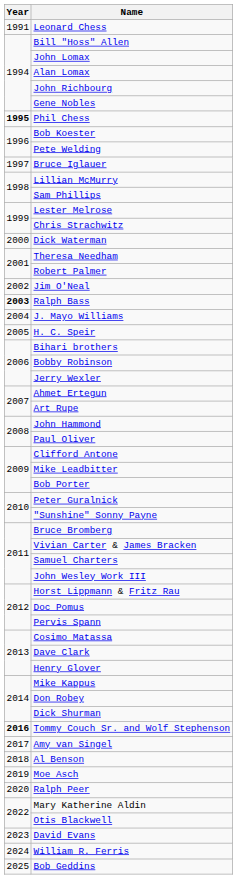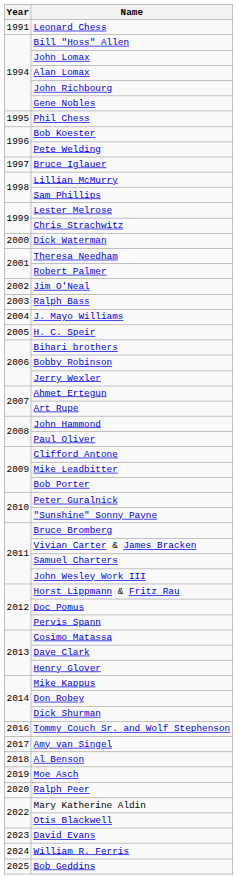 <table class="wikitable sortable plainrowheaders">
 <tr>
 <th scope="col">Year</th>
 <th scope="col">Name</th>
 </tr>
 <tr>
 <td>1991</td>
 <td><a href='#'>Leonard Chess</a></td>
 </tr>
 <tr>
 <td rowspan="5">1994</td>
 <td><a href='#'>Bill "Hoss" Allen</a></td>
 </tr>
 <tr>
 <td><a href='#'>John Lomax</a></td>
 </tr>
 <tr>
 <td><a href='#'>Alan Lomax</a></td>
 </tr>
 <tr>
 <td><a href='#'>John Richbourg</a></td>
 </tr>
 <tr>
 <td><a href='#'>Gene Nobles</a></td>
 </tr>
 <tr>
-<td><strong>1995</strong></td>
+<td>1995</td>
 <td><a href='#'>Phil Chess</a></td>
 </tr>
 <tr>
 <td rowspan="2">1996</td>
 <td><a href='#'>Bob Koester</a></td>
 </tr>
 <tr>
 <td><a href='#'>Pete Welding</a></td>
 </tr>
 <tr>
 <td>1997</td>
 <td><a href='#'>Bruce Iglauer</a></td>
 </tr>
 <tr>
 <td rowspan="2">1998</td>
 <td><a href='#'>Lillian McMurry</a></td>
 </tr>
 <tr>
 <td><a href='#'>Sam Phillips</a></td>
 </tr>
 <tr>
 <td rowspan="2">1999</td>
 <td><a href='#'>Lester Melrose</a></td>
 </tr>
 <tr>
 <td><a href='#'>Chris Strachwitz</a></td>
 </tr>
 <tr>
 <td>2000</td>
 <td><a href='#'>Dick Waterman</a></td>
 </tr>
 <tr>
 <td rowspan="2">2001</td>
 <td><a href='#'>Theresa Needham</a></td>
 </tr>
 <tr>
 <td><a href='#'>Robert Palmer</a></td>
 </tr>
 <tr>
 <td>2002</td>
 <td><a href='#'>Jim O'Neal</a></td>
 </tr>
 <tr>
-<td><strong>2003</strong></td>
+<td>2003</td>
 <td><a href='#'>Ralph Bass</a></td>
 </tr>
 <tr>
 <td>2004</td>
 <td><a href='#'>J. Mayo Williams</a></td>
 </tr>
 <tr>
 <td>2005</td>
 <td><a href='#'>H. C. Speir</a></td>
 </tr>
 <tr>
 <td rowspan="3">2006</td>
 <td><a href='#'>Bihari brothers</a></td>
 </tr>
 <tr>
 <td><a href='#'>Bobby Robinson</a></td>
 </tr>
 <tr>
 <td><a href='#'>Jerry Wexler</a></td>
 </tr>
 <tr>
 <td rowspan="2">2007</td>
 <td><a href='#'>Ahmet Ertegun</a></td>
 </tr>
 <tr>
 <td><a href='#'>Art Rupe</a></td>
 </tr>
 <tr>
 <td rowspan="2">2008</td>
 <td><a href='#'>John Hammond</a></td>
 </tr>
 <tr>
 <td><a href='#'>Paul Oliver</a></td>
 </tr>
 <tr>
 <td rowspan="3">2009</td>
 <td><a href='#'>Clifford Antone</a></td>
 </tr>
 <tr>
 <td><a href='#'>Mike Leadbitter</a></td>
 </tr>
 <tr>
 <td><a href='#'>Bob Porter</a></td>
 </tr>
 <tr>
 <td rowspan="2">2010</td>
 <td><a href='#'>Peter Guralnick</a></td>
 </tr>
 <tr>
 <td><a href='#'>"Sunshine" Sonny Payne</a></td>
 </tr>
 <tr>
 <td rowspan="4">2011</td>
 <td><a href='#'>Bruce Bromberg</a></td>
 </tr>
 <tr>
 <td><a href='#'>Vivian Carter</a> & <a href='#'>James Bracken</a></td>
 </tr>
 <tr>
 <td><a href='#'>Samuel Charters</a></td>
 </tr>
 <tr>
 <td><a href='#'>John Wesley Work III</a></td>
 </tr>
 <tr>
 <td rowspan="3">2012</td>
 <td><a href='#'>Horst Lippmann</a> & <a href='#'>Fritz Rau</a></td>
 </tr>
 <tr>
 <td><a href='#'>Doc Pomus</a></td>
 </tr>
 <tr>
 <td><a href='#'>Pervis Spann</a></td>
 </tr>
 <tr>
 <td rowspan="3">2013</td>
 <td><a href='#'>Cosimo Matassa</a></td>
 </tr>
 <tr>
 <td><a href='#'>Dave Clark</a></td>
 </tr>
 <tr>
 <td><a href='#'>Henry Glover</a></td>
 </tr>
 <tr>
 <td rowspan="3">2014</td>
 <td><a href='#'>Mike Kappus</a></td>
 </tr>
 <tr>
 <td><a href='#'>Don Robey</a></td>
 </tr>
 <tr>
 <td><a href='#'>Dick Shurman</a></td>
 </tr>
 <tr>
-<td><strong>2016</strong></td>
+<td>2016</td>
 <td><a href='#'>Tommy Couch Sr. and Wolf Stephenson</a></td>
 </tr>
 <tr>
 <td>2017</td>
 <td><a href='#'>Amy van Singel</a></td>
 </tr>
 <tr>
 <td>2018</td>
 <td><a href='#'>Al Benson</a></td>
 </tr>
 <tr>
 <td>2019</td>
 <td><a href='#'>Moe Asch</a></td>
 </tr>
 <tr>
 <td>2020</td>
 <td><a href='#'>Ralph Peer</a></td>
 </tr>
 <tr>
 <td rowspan="2">2022</td>
 <td>Mary Katherine Aldin</td>
 </tr>
 <tr>
 <td><a href='#'>Otis Blackwell</a></td>
 </tr>
 <tr>
 <td>2023</td>
 <td><a href='#'>David Evans</a></td>
 </tr>
 <tr>
 <td>2024</td>
 <td><a href='#'>William R. Ferris</a></td>
 </tr>
 <tr>
 <td>2025</td>
 <td><a href='#'>Bob Geddins</a></td>
 </tr>
 </table>
